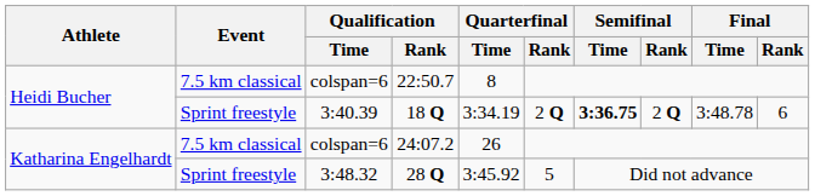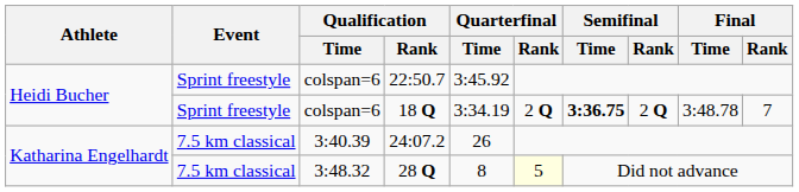 <table class="wikitable" style="font-size:90%">
 <tr>
 <th rowspan="2">Athlete</th>
 <th rowspan="2">Event</th>
 <th colspan="2">Qualification</th>
 <th colspan="2">Quarterfinal</th>
 <th colspan="2">Semifinal</th>
 <th colspan="2">Final</th>
 </tr>
 <tr style="font-size:95%">
 <th>Time</th>
 <th>Rank</th>
 <th>Time</th>
 <th>Rank</th>
 <th>Time</th>
 <th>Rank</th>
 <th>Time</th>
 <th>Rank</th>
 </tr>
 <tr align="center">
 <td align="left" rowspan=2><a href='#'>Heidi Bucher</a></td>
-<td align=left><a href='#'>7.5 km classical</a></td>
+<td align=left><a href='#'>Sprint freestyle</a></td>
 <td>colspan=6</td>
 <td>22:50.7</td>
-<td>8</td>
+<td>3:45.92</td>
 </tr>
 <tr align=center>
 <td align=left><a href='#'>Sprint freestyle</a></td>
-<td>3:40.39</td>
+<td>colspan=6</td>
 <td>18 <strong>Q</strong></td>
 <td>3:34.19</td>
 <td>2 <strong>Q</strong></td>
 <td><strong>3:36.75</strong></td>
 <td>2 <strong>Q</strong></td>
 <td>3:48.78</td>
-<td>6</td>
+<td>7</td>
 </tr>
 <tr align="center">
 <td align="left" rowspan=2><a href='#'>Katharina Engelhardt</a></td>
 <td align=left><a href='#'>7.5 km classical</a></td>
-<td>colspan=6</td>
+<td>3:40.39</td>
 <td>24:07.2</td>
 <td>26</td>
 </tr>
 <tr align=center>
-<td align=left><a href='#'>Sprint freestyle</a></td>
+<td align=left><a href='#'>7.5 km classical</a></td>
 <td>3:48.32</td>
 <td>28 <strong>Q</strong></td>
-<td>3:45.92</td>
-<td>5</td>
+<td>8</td>
+<td style="background: lightyellow;">5</td>
 <td colspan=4>Did not advance</td>
 </tr>
 </table>
